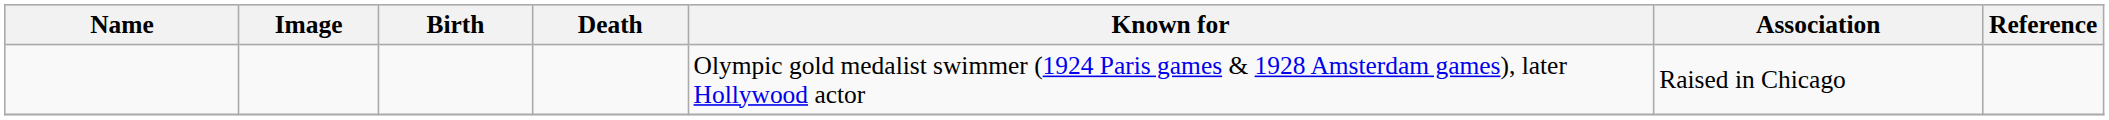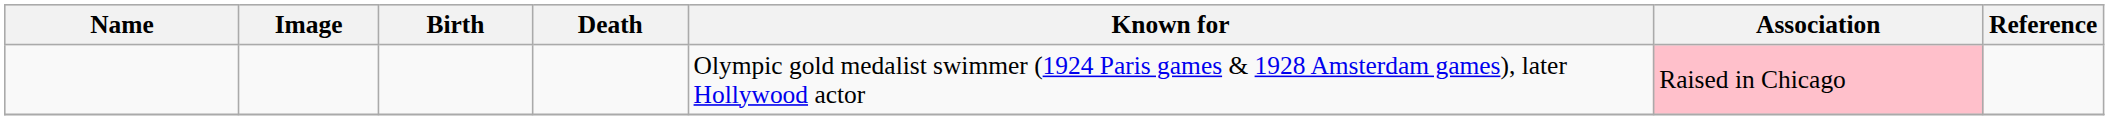 <table class="wikitable sortable">
 <tr>
 <th scope="col" width="140">Name</th>
 <th scope="col" width="80" class="unsortable">Image</th>
 <th scope="col" width="90">Birth</th>
 <th scope="col" width="90">Death</th>
 <th scope="col" width="600" class="unsortable">Known for</th>
 <th scope="col" width="200" class="unsortable">Association</th>
 <th scope="col" width="30" class="unsortable">Reference</th>
 </tr>
 <tr>
 <td></td>
 <td></td>
 <td align=right></td>
 <td align=right></td>
 <td>Olympic gold medalist swimmer (<a href='#'>1924 Paris games</a> & <a href='#'>1928 Amsterdam games</a>), later <a href='#'>Hollywood</a> actor</td>
-<td>Raised in Chicago</td>
+<td style="background: pink;">Raised in Chicago</td>
 <td align="center"></td>
 </tr>
 <tr>
 </tr>
 </table>
